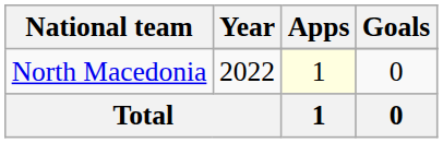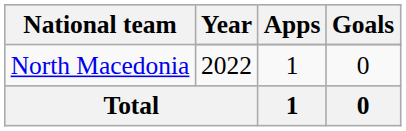 <table class="wikitable" style="text-align:center">
 <tr>
 <th>National team</th>
 <th>Year</th>
 <th>Apps</th>
 <th>Goals</th>
 </tr>
 <tr>
 <td rowspan=2><a href='#'>North Macedonia</a></td>
 </tr>
 <tr>
 <td>2022</td>
-<td style="background: lightyellow;">1</td>
+<td>1</td>
 <td>0</td>
 </tr>
 <tr>
 <th colspan="2">Total</th>
 <th>1</th>
 <th>0</th>
 </tr>
 </table>
